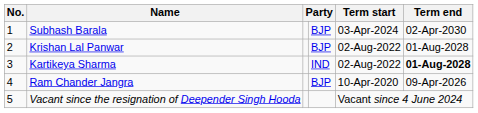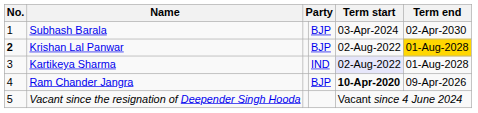 <table class="wikitable sortable">
 <tr>
 <th>No.</th>
 <th>Name</th>
 <th colspan="3">Party</th>
 <th>Term start</th>
 <th>Term end</th>
 </tr>
 <tr>
 <td>1</td>
 <td><a href='#'>Subhash Barala</a></td>
 <td style="background-color: "></td>
 <td colspan="2"><a href='#'>BJP</a></td>
 <td>03-Apr-2024</td>
 <td>02-Apr-2030</td>
 </tr>
 <tr>
-<td>2</td>
+<td><strong>2</strong></td>
 <td><a href='#'>Krishan Lal Panwar</a></td>
 <td style="background-color: "></td>
 <td colspan="2"><a href='#'>BJP</a></td>
 <td>02-Aug-2022</td>
-<td>01-Aug-2028</td>
+<td style="background: gold;">01-Aug-2028</td>
 </tr>
 <tr>
 <td>3</td>
 <td><a href='#'>Kartikeya Sharma</a></td>
 <td style="background-color: "></td>
 <td colspan="2"><a href='#'>IND</a></td>
-<td>02-Aug-2022</td>
-<td><strong>01-Aug-2028</strong></td>
+<td style="background: lavender;">02-Aug-2022</td>
+<td>01-Aug-2028</td>
 </tr>
 <tr>
 <td>4</td>
 <td><a href='#'>Ram Chander Jangra</a></td>
 <td style="background-color: "></td>
 <td colspan="2"><a href='#'>BJP</a></td>
-<td>10-Apr-2020</td>
+<td><strong>10-Apr-2020</strong></td>
 <td>09-Apr-2026</td>
 </tr>
 <tr>
 <td>5</td>
 <td><em>Vacant since the resignation of <a href='#'>Deepender Singh Hooda</a></em></td>
 <td style="background-color: "></td>
 <td colspan="2"></td>
 <td colspan="3">Vacant <em>since 4 June 2024</em></td>
 </tr>
 </table>
